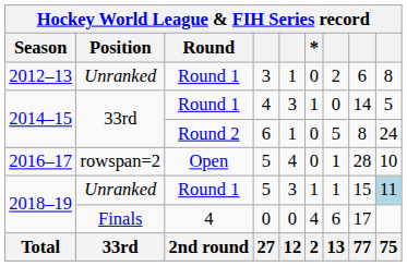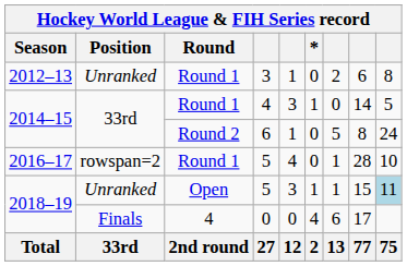 <table class="wikitable" style="text-align: center;">
 <tr>
 <th colspan=9><a href='#'>Hockey World League</a> & <a href='#'>FIH Series</a> record</th>
 </tr>
 <tr>
 <th>Season</th>
 <th>Position</th>
 <th>Round</th>
 <th></th>
 <th></th>
 <th> *</th>
 <th></th>
 <th></th>
 <th></th>
 </tr>
 <tr>
 <td><a href='#'>2012–13</a></td>
 <td><em>Unranked</em></td>
 <td><a href='#'>Round 1</a></td>
 <td>3</td>
 <td>1</td>
 <td>0</td>
 <td>2</td>
 <td>6</td>
 <td>8</td>
 </tr>
 <tr>
 <td rowspan=2><a href='#'>2014–15</a></td>
 <td rowspan=2>33rd</td>
 <td><a href='#'>Round 1</a></td>
 <td>4</td>
 <td>3</td>
 <td>1</td>
 <td>0</td>
 <td>14</td>
 <td>5</td>
 </tr>
 <tr>
 <td><a href='#'>Round 2</a></td>
 <td>6</td>
 <td>1</td>
 <td>0</td>
 <td>5</td>
 <td>8</td>
 <td>24</td>
 </tr>
 <tr>
 <td><a href='#'>2016–17</a></td>
 <td>rowspan=2 </td>
-<td><a href='#'>Open</a></td>
+<td><a href='#'>Round 1</a></td>
 <td>5</td>
 <td>4</td>
 <td>0</td>
 <td>1</td>
 <td>28</td>
 <td>10</td>
 </tr>
 <tr>
 <td rowspan=2><a href='#'>2018–19</a></td>
 <td><em>Unranked</em></td>
-<td><a href='#'>Round 1</a></td>
+<td><a href='#'>Open</a></td>
 <td>5</td>
 <td>3</td>
 <td>1</td>
 <td>1</td>
 <td>15</td>
 <td style="background: lightblue;">11</td>
 </tr>
 <tr>
 <td><a href='#'>Finals</a></td>
 <td>4</td>
 <td>0</td>
 <td>0</td>
 <td>4</td>
 <td>6</td>
 <td>17</td>
 </tr>
 <tr>
 <th>Total</th>
 <th>33rd</th>
 <th>2nd round</th>
 <th>27</th>
 <th>12</th>
 <th>2</th>
 <th>13</th>
 <th>77</th>
 <th>75</th>
 </tr>
 </table>
